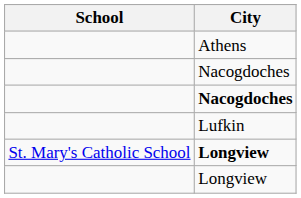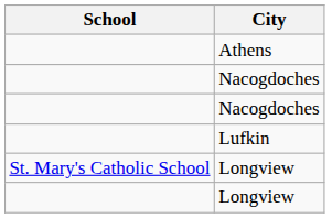 <table class="wikitable">
 <tr>
 <th>School</th>
 <th>City</th>
 </tr>
 <tr>
 <td></td>
 <td>Athens</td>
 </tr>
 <tr>
 <td></td>
 <td>Nacogdoches</td>
 </tr>
 <tr>
 <td></td>
-<td><strong>Nacogdoches</strong></td>
+<td>Nacogdoches</td>
 </tr>
 <tr>
 <td></td>
 <td>Lufkin</td>
 </tr>
 <tr>
 <td><a href='#'>St. Mary's Catholic School</a></td>
-<td><strong>Longview</strong></td>
+<td>Longview</td>
 </tr>
 <tr>
 <td></td>
 <td>Longview</td>
 </tr>
 </table>
